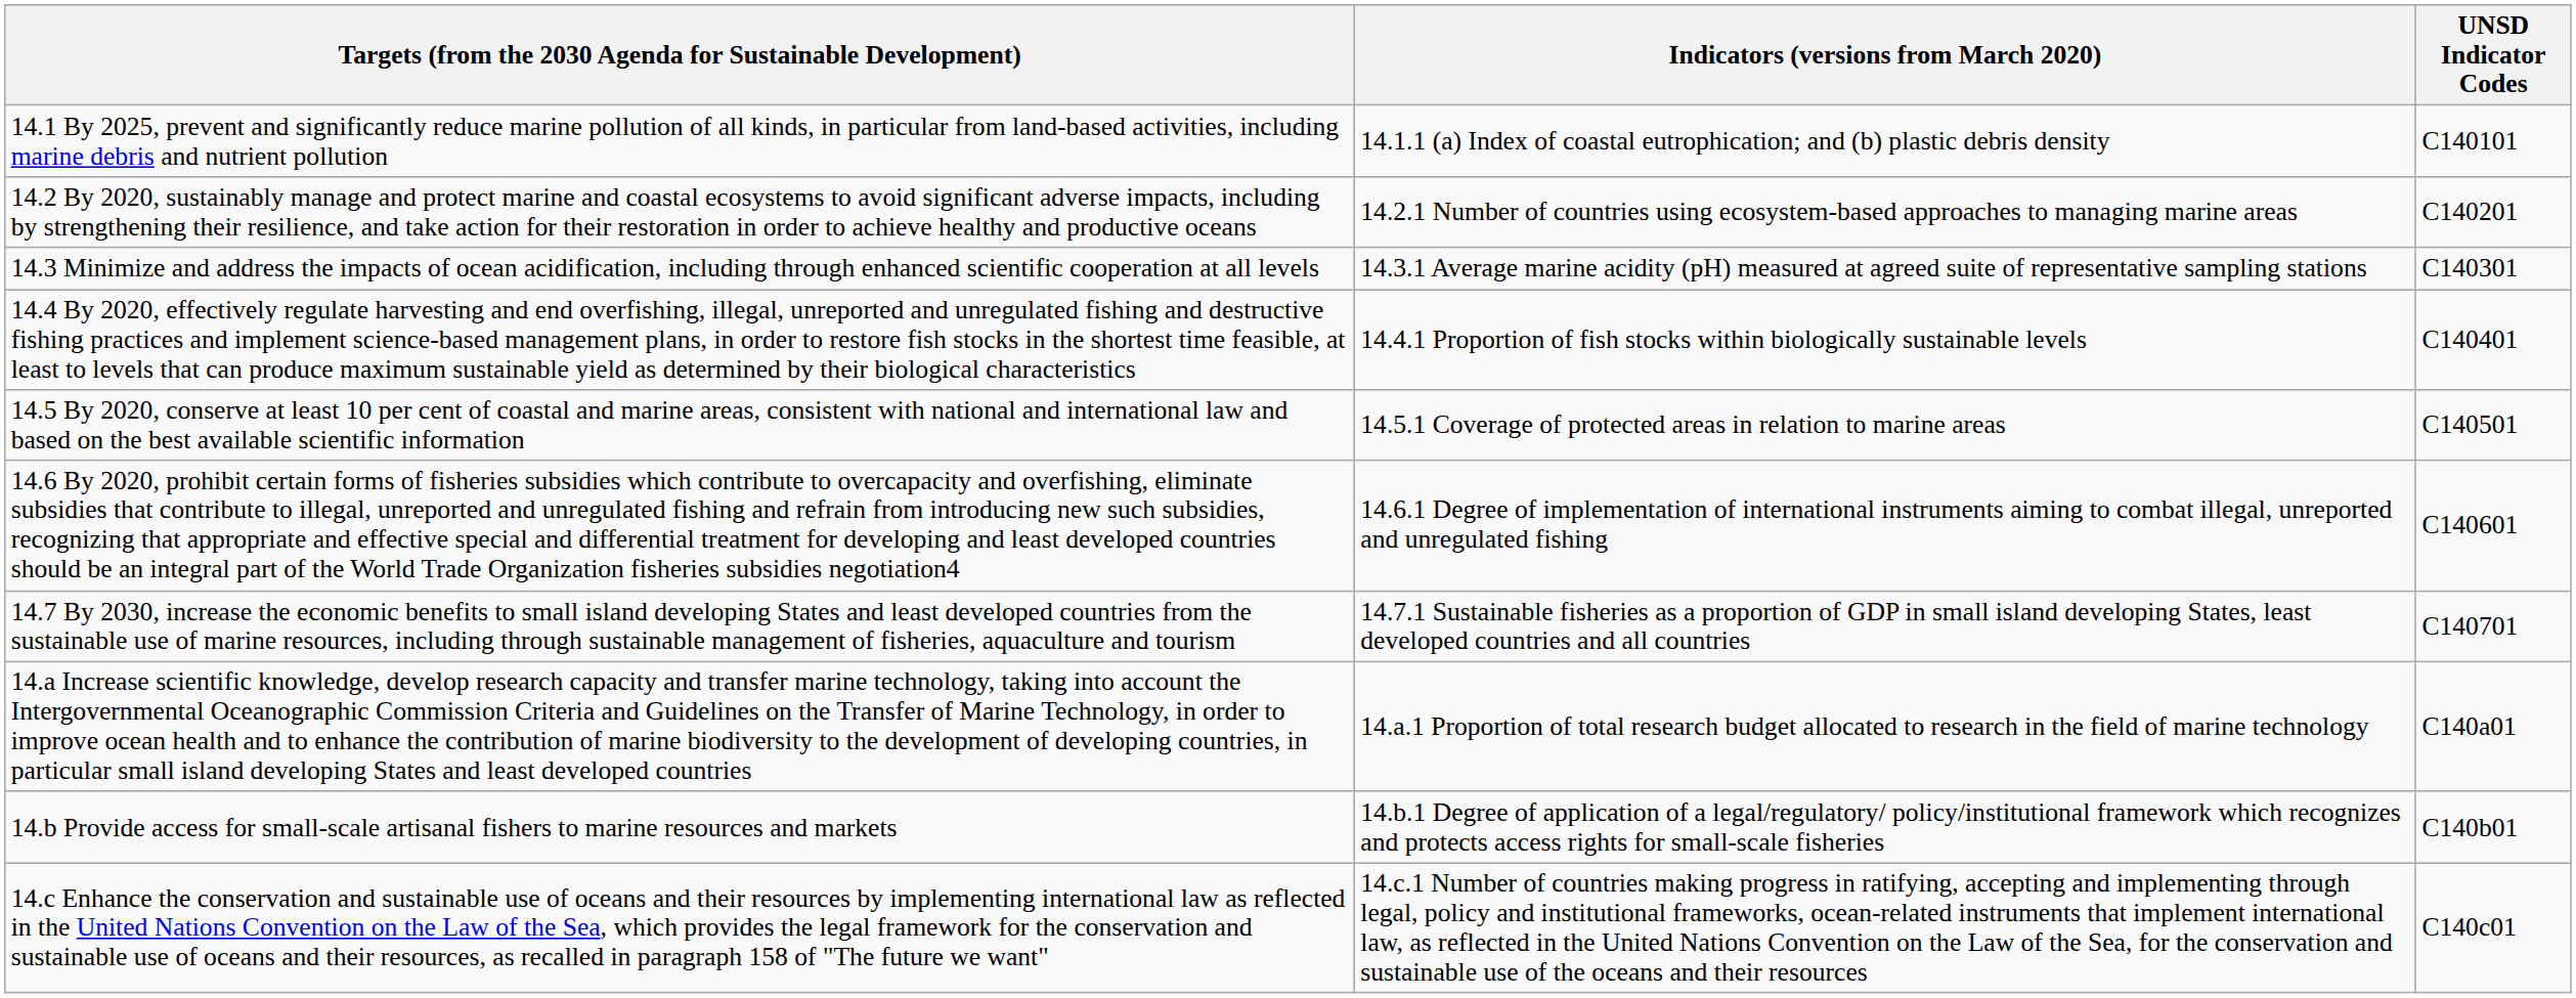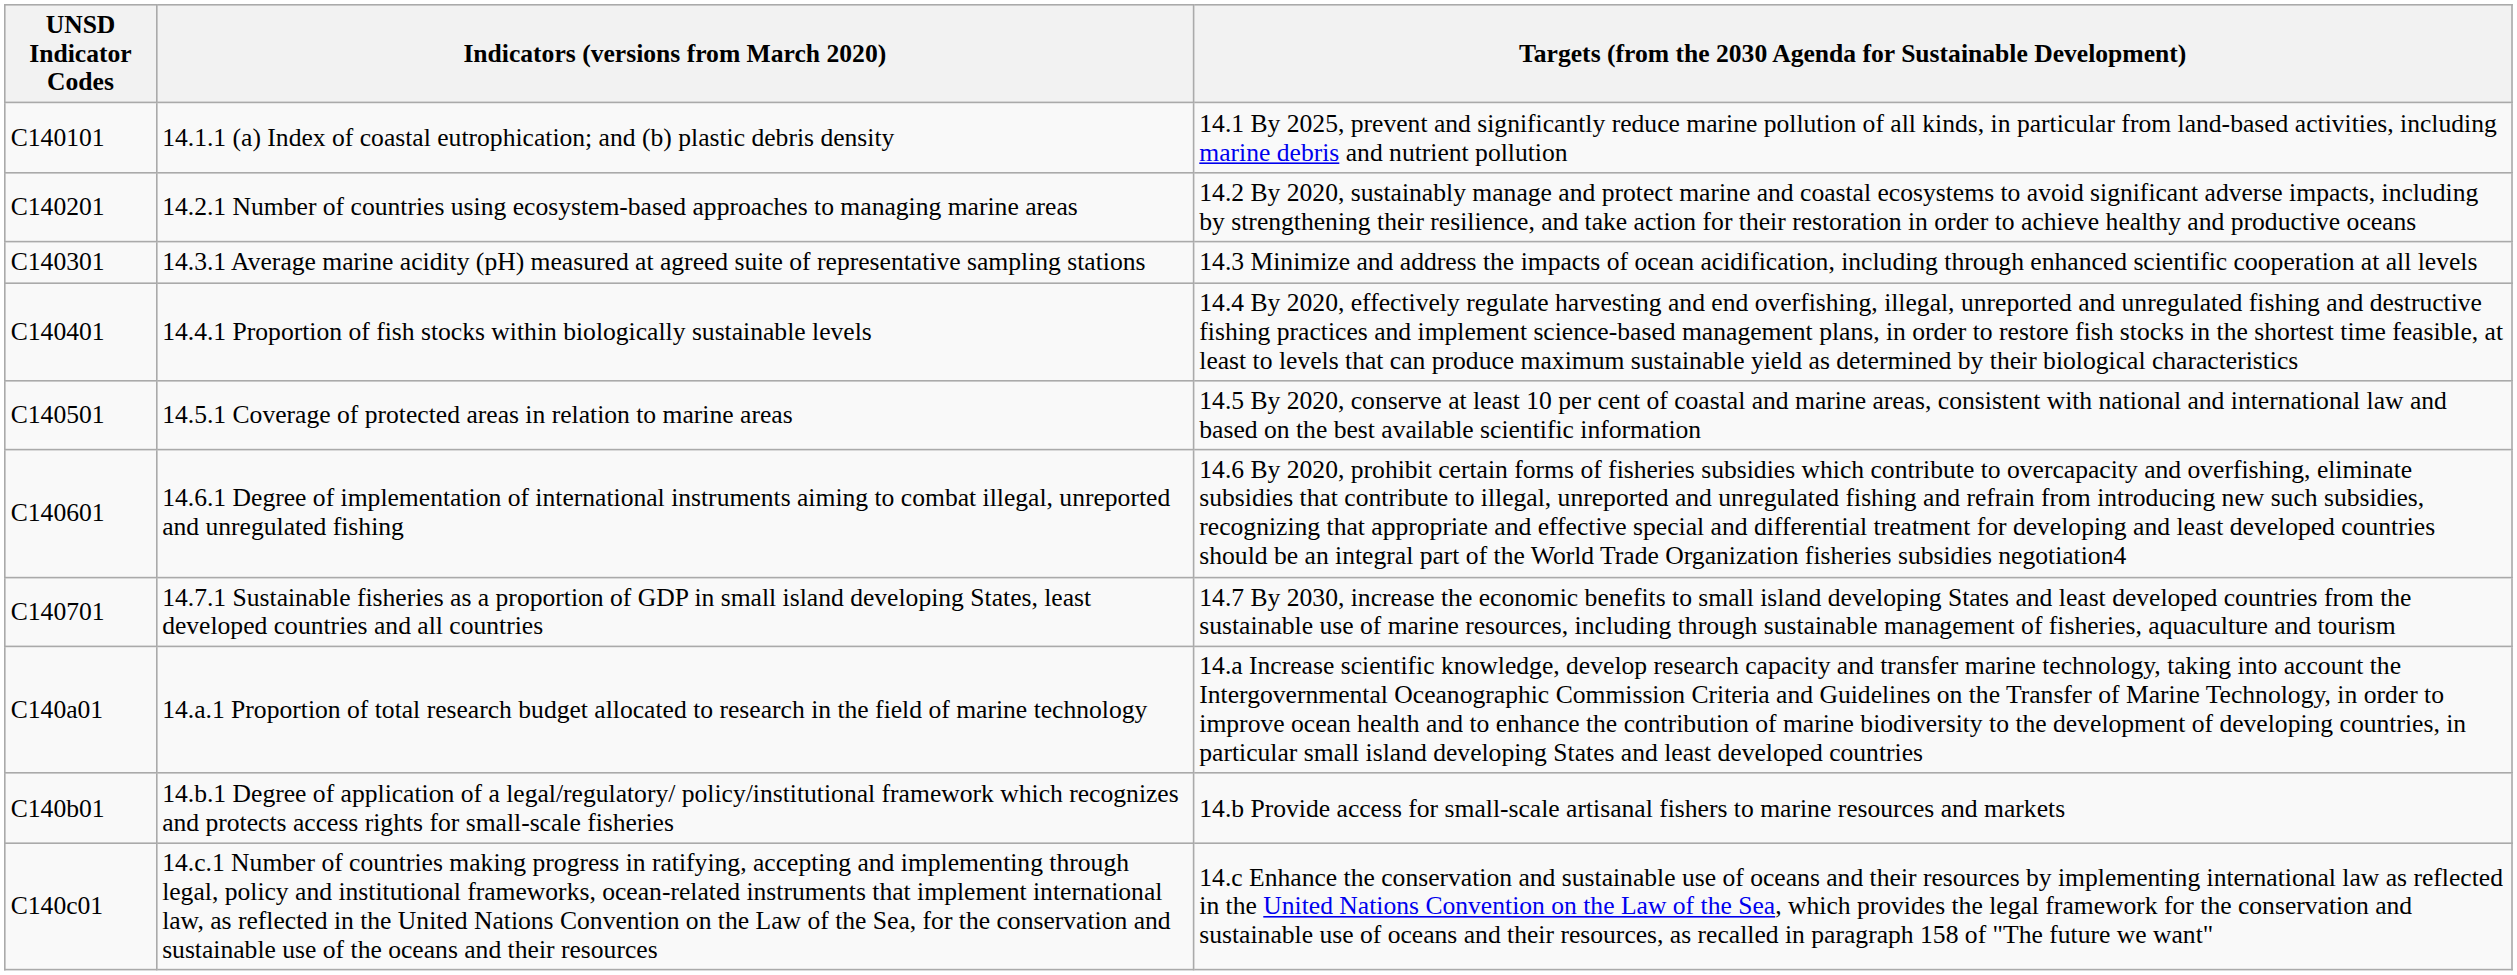 <table class="wikitable">
 <tr>
+<th>UNSD Indicator Codes </th>
+<th>Indicators (versions from March 2020)</th>
 <th>Targets (from the 2030 Agenda for Sustainable Development)</th>
-<th>Indicators (versions from March 2020)</th>
-<th>UNSD Indicator Codes </th>
 </tr>
 <tr>
+<td>C140101</td>
+<td>14.1.1 (a) Index of coastal eutrophication; and (b) plastic debris density</td>
 <td>14.1 By 2025, prevent and significantly reduce marine pollution of all kinds, in particular from land-based activities, including <a href='#'>marine debris</a> and nutrient pollution</td>
-<td>14.1.1 (a) Index of coastal eutrophication; and (b) plastic debris density</td>
-<td>C140101</td>
 </tr>
 <tr>
+<td>C140201</td>
+<td>14.2.1 Number of countries using ecosystem-based approaches to managing marine areas</td>
 <td>14.2 By 2020, sustainably manage and protect marine and coastal ecosystems to avoid significant adverse impacts, including by strengthening their resilience, and take action for their restoration in order to achieve healthy and productive oceans</td>
-<td>14.2.1 Number of countries using ecosystem-based approaches to managing marine areas</td>
-<td>C140201</td>
 </tr>
 <tr>
+<td>C140301</td>
+<td>14.3.1 Average marine acidity (pH) measured at agreed suite of representative sampling stations</td>
 <td>14.3 Minimize and address the impacts of ocean acidification, including through enhanced scientific cooperation at all levels</td>
-<td>14.3.1 Average marine acidity (pH) measured at agreed suite of representative sampling stations</td>
-<td>C140301</td>
 </tr>
 <tr>
+<td>C140401</td>
+<td>14.4.1 Proportion of fish stocks within biologically sustainable levels</td>
 <td>14.4 By 2020, effectively regulate harvesting and end overfishing, illegal, unreported and unregulated fishing and destructive fishing practices and implement science-based management plans, in order to restore fish stocks in the shortest time feasible, at least to levels that can produce maximum sustainable yield as determined by their biological characteristics</td>
-<td>14.4.1 Proportion of fish stocks within biologically sustainable levels</td>
-<td>C140401</td>
 </tr>
 <tr>
+<td>C140501</td>
+<td>14.5.1 Coverage of protected areas in relation to marine areas</td>
 <td>14.5 By 2020, conserve at least 10 per cent of coastal and marine areas, consistent with national and international law and based on the best available scientific information</td>
-<td>14.5.1 Coverage of protected areas in relation to marine areas</td>
-<td>C140501</td>
 </tr>
 <tr>
+<td>C140601</td>
+<td>14.6.1 Degree of implementation of international instruments aiming to combat illegal, unreported and unregulated fishing</td>
 <td>14.6 By 2020, prohibit certain forms of fisheries subsidies which contribute to overcapacity and overfishing, eliminate subsidies that contribute to illegal, unreported and unregulated fishing and refrain from introducing new such subsidies, recognizing that appropriate and effective special and differential treatment for developing and least developed countries should be an integral part of the World Trade Organization fisheries subsidies negotiation4</td>
-<td>14.6.1 Degree of implementation of international instruments aiming to combat illegal, unreported and unregulated fishing</td>
-<td>C140601</td>
 </tr>
 <tr>
+<td>C140701</td>
+<td>14.7.1 Sustainable fisheries as a proportion of GDP in small island developing States, least developed countries and all countries</td>
 <td>14.7 By 2030, increase the economic benefits to small island developing States and least developed countries from the sustainable use of marine resources, including through sustainable management of fisheries, aquaculture and tourism</td>
-<td>14.7.1 Sustainable fisheries as a proportion of GDP in small island developing States, least developed countries and all countries</td>
-<td>C140701</td>
 </tr>
 <tr>
+<td>C140a01</td>
+<td>14.a.1 Proportion of total research budget allocated to research in the field of marine technology</td>
 <td>14.a Increase scientific knowledge, develop research capacity and transfer marine technology, taking into account the Intergovernmental Oceanographic Commission Criteria and Guidelines on the Transfer of Marine Technology, in order to improve ocean health and to enhance the contribution of marine biodiversity to the development of developing countries, in particular small island developing States and least developed countries</td>
-<td>14.a.1 Proportion of total research budget allocated to research in the field of marine technology</td>
-<td>C140a01</td>
 </tr>
 <tr>
+<td>C140b01</td>
+<td>14.b.1 Degree of application of a legal/regulatory/ policy/institutional framework which recognizes and protects access rights for small-scale fisheries</td>
 <td>14.b Provide access for small-scale artisanal fishers to marine resources and markets</td>
-<td>14.b.1 Degree of application of a legal/regulatory/ policy/institutional framework which recognizes and protects access rights for small-scale fisheries</td>
-<td>C140b01</td>
 </tr>
 <tr>
+<td>C140c01</td>
+<td>14.c.1 Number of countries making progress in ratifying, accepting and implementing through legal, policy and institutional frameworks, ocean-related instruments that implement international law, as reflected in the United Nations Convention on the Law of the Sea, for the conservation and sustainable use of the oceans and their resources</td>
 <td>14.c Enhance the conservation and sustainable use of oceans and their resources by implementing international law as reflected in the <a href='#'>United Nations Convention on the Law of the Sea</a>, which provides the legal framework for the conservation and sustainable use of oceans and their resources, as recalled in paragraph 158 of "The future we want"</td>
-<td>14.c.1 Number of countries making progress in ratifying, accepting and implementing through legal, policy and institutional frameworks, ocean-related instruments that implement international law, as reflected in the United Nations Convention on the Law of the Sea, for the conservation and sustainable use of the oceans and their resources</td>
-<td>C140c01</td>
 </tr>
 </table>
